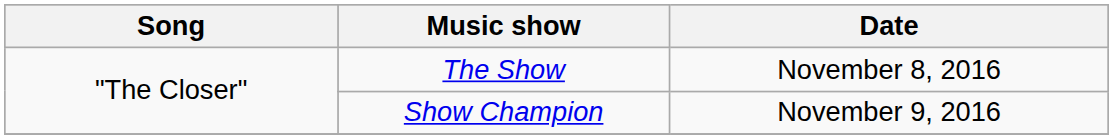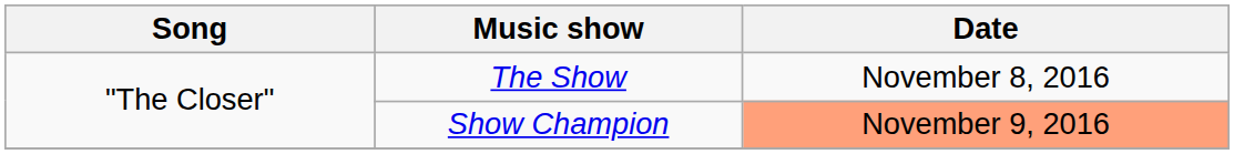 <table class="wikitable" style="text-align:center; width:650px;">
 <tr>
 <th style="width:150px;">Song</th>
 <th style="width:150px;">Music show</th>
 <th style="width:200px;">Date</th>
 </tr>
 <tr>
 <td rowspan="2">"The Closer"</td>
 <td><em><a href='#'>The Show</a></em></td>
 <td>November 8, 2016</td>
 </tr>
 <tr>
 <td><em><a href='#'>Show Champion</a></em></td>
-<td>November 9, 2016</td>
+<td style="background: lightsalmon;">November 9, 2016</td>
 </tr>
 <tr>
 </tr>
 </table>
